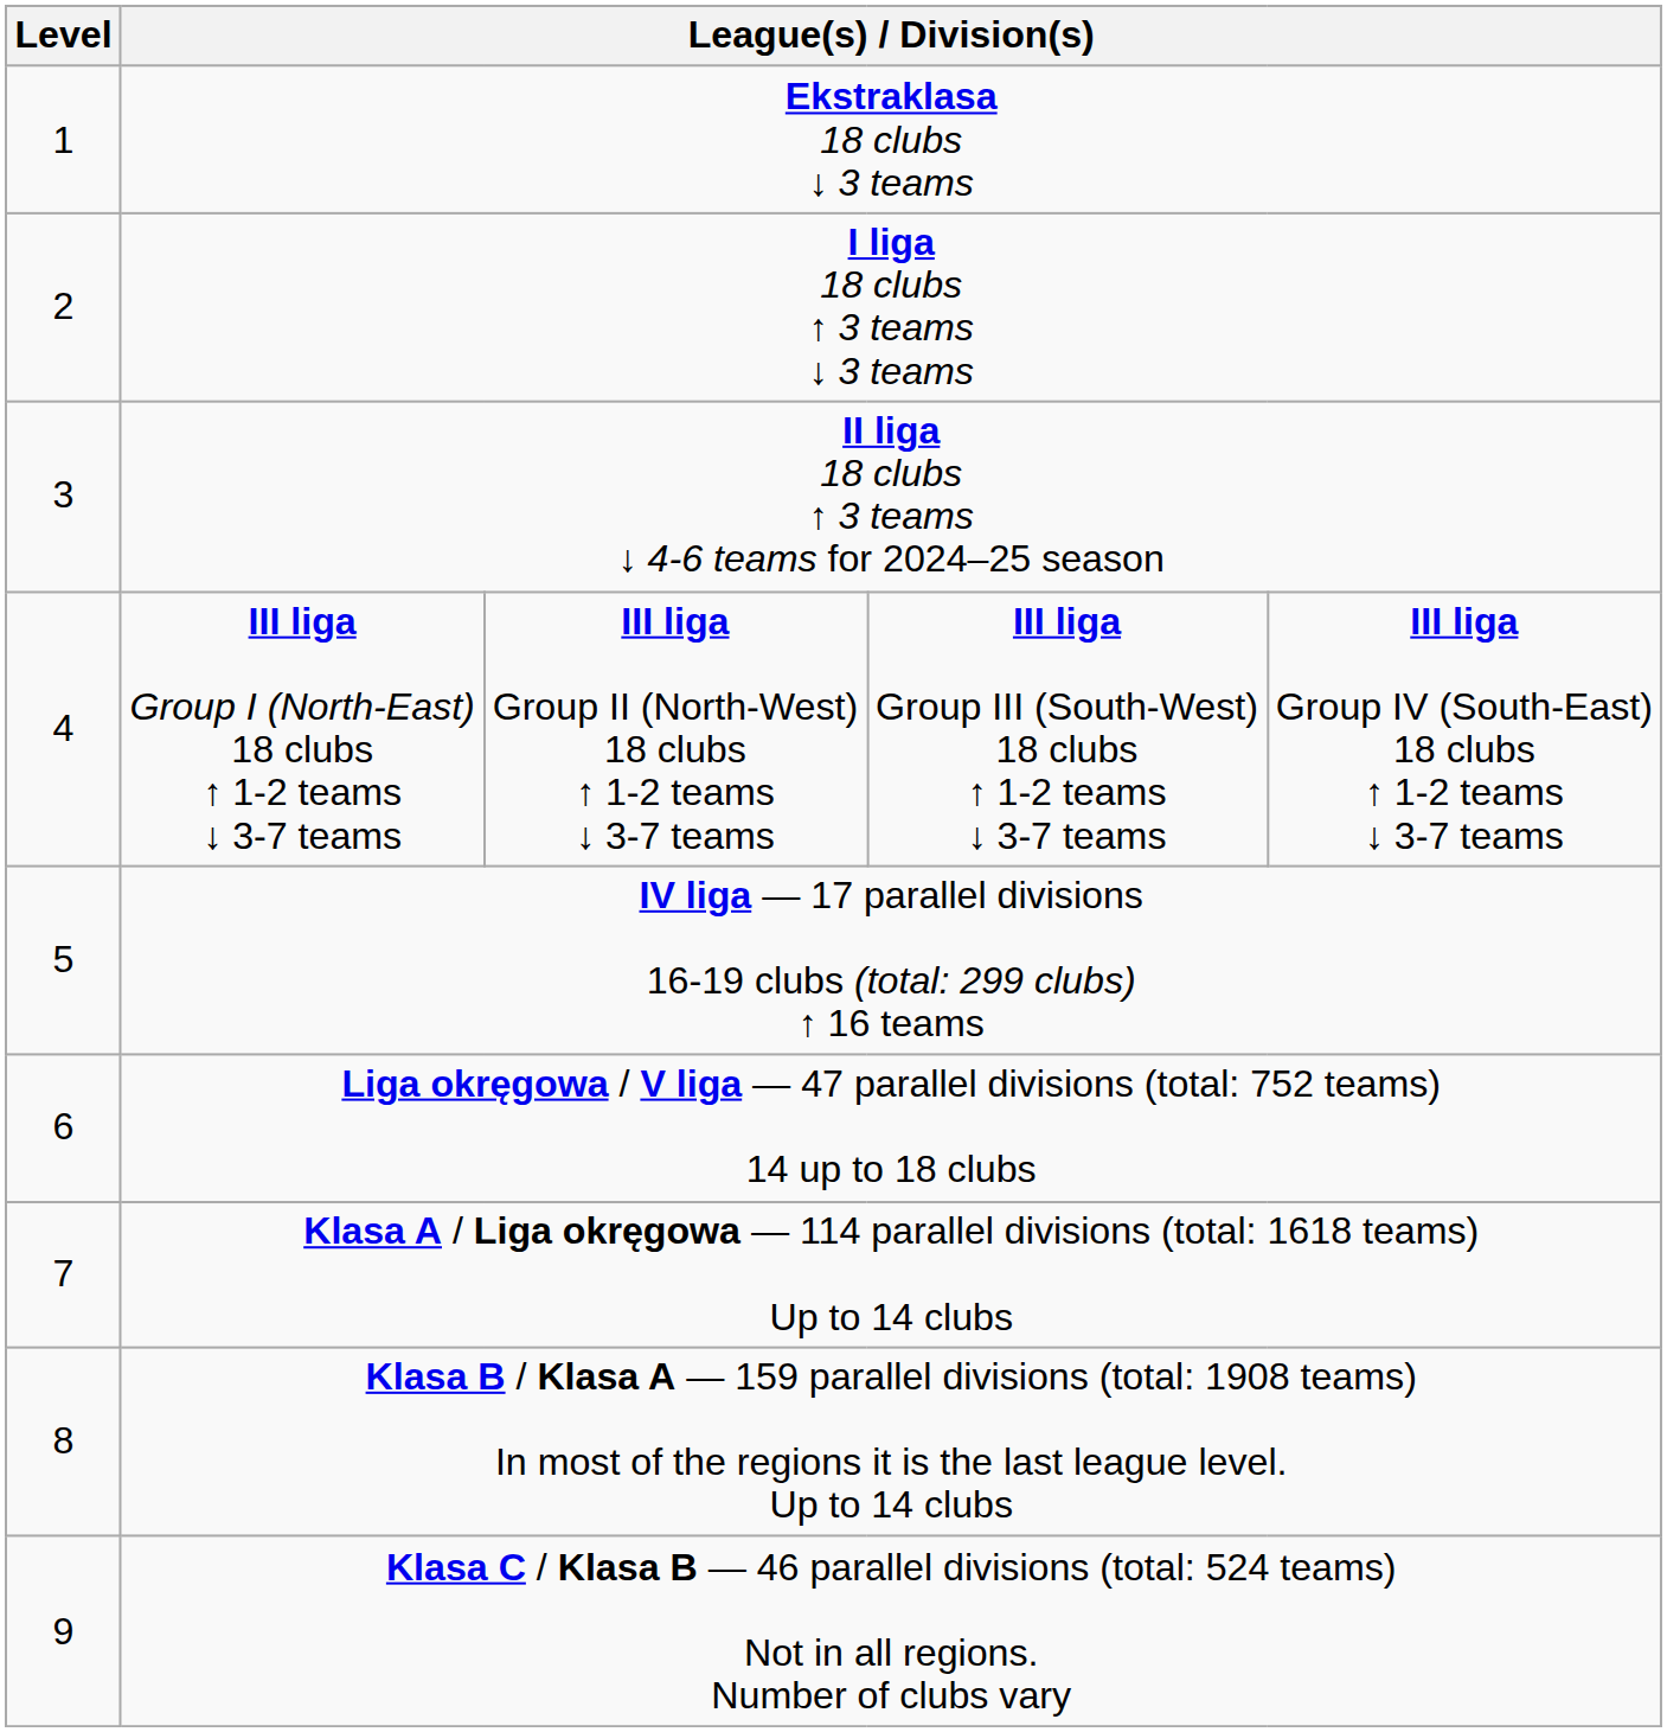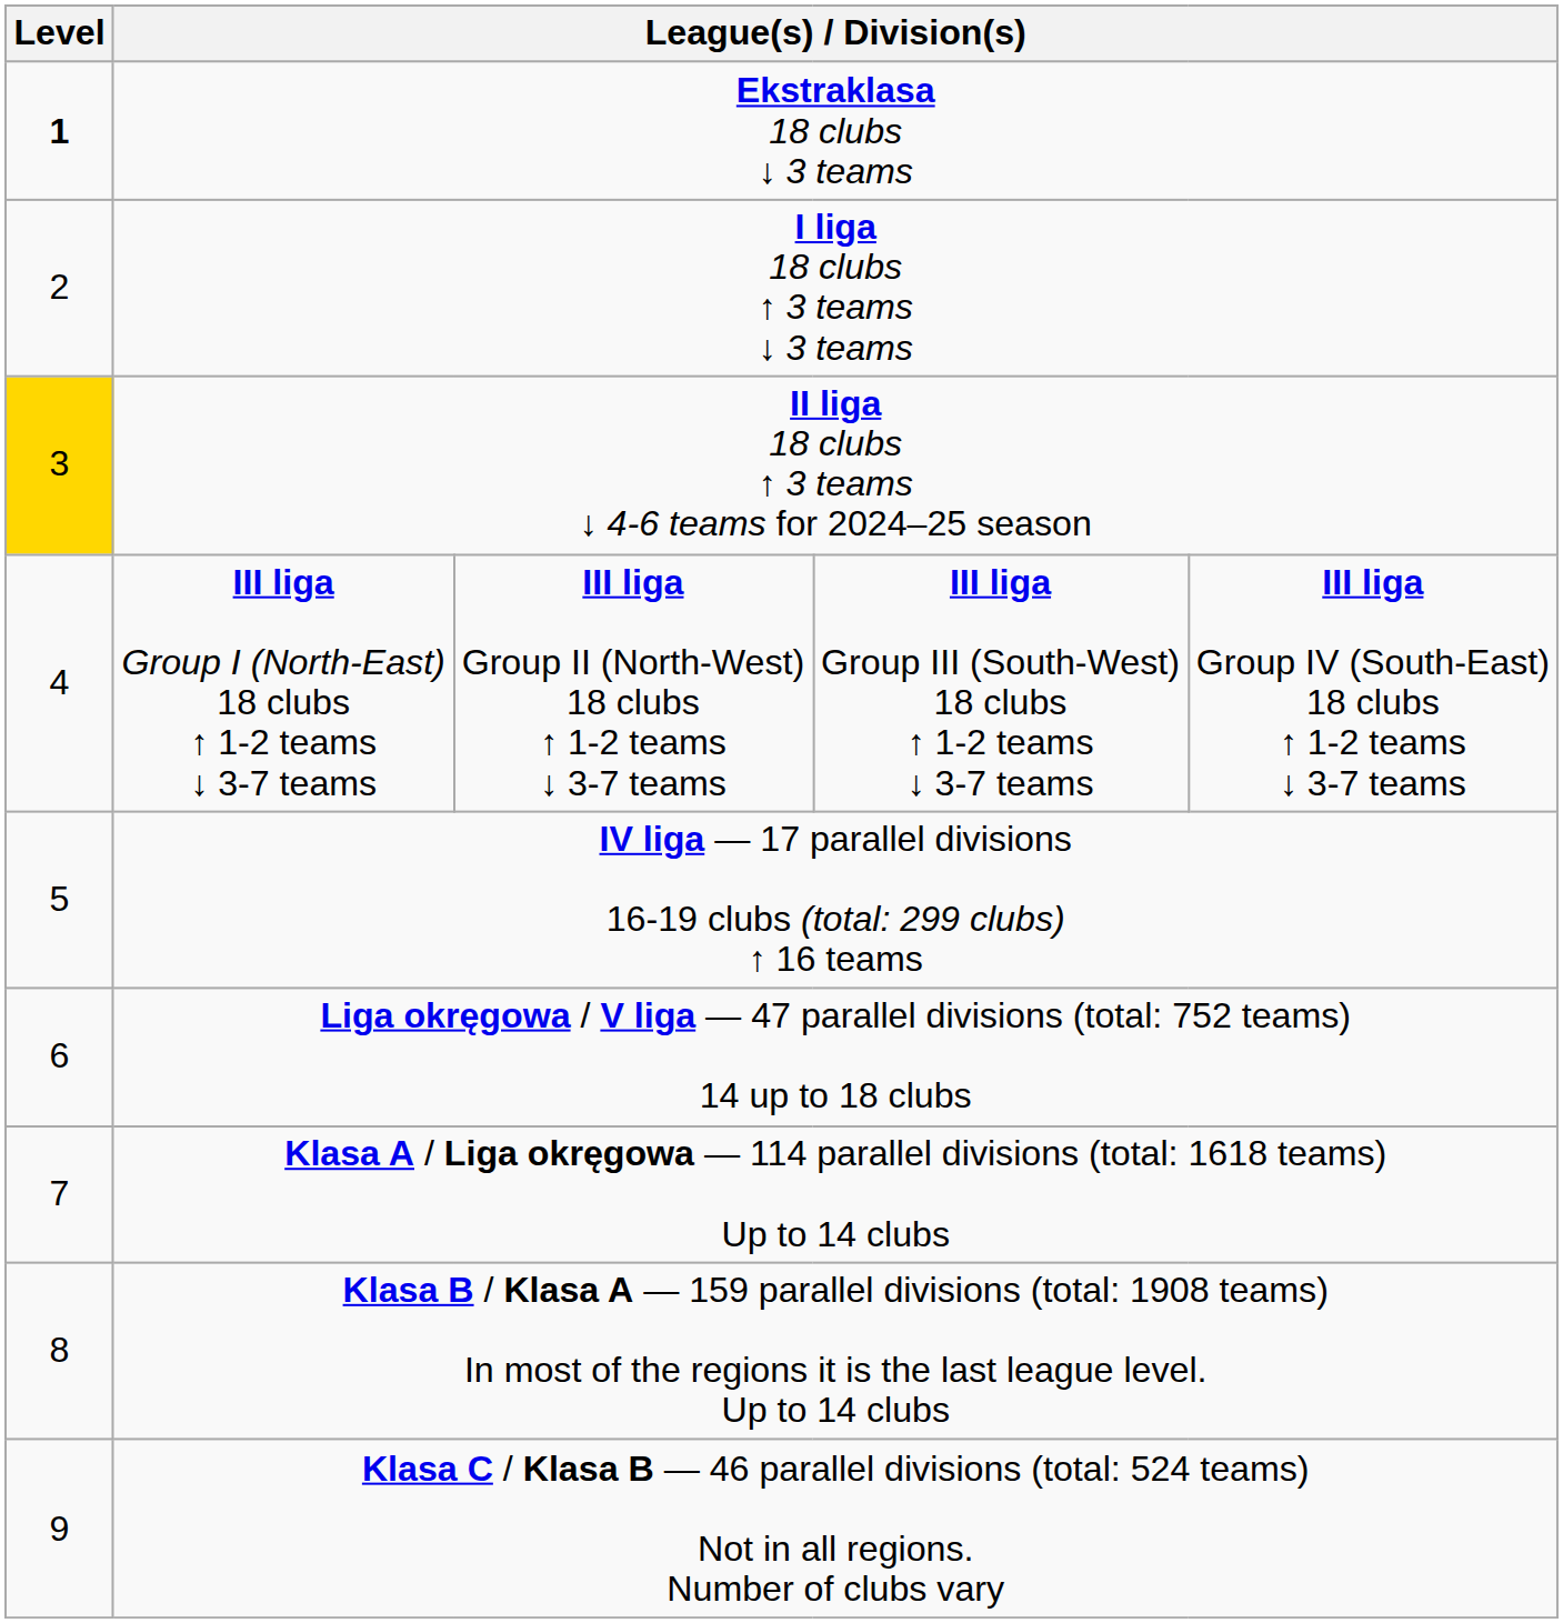 <table class="wikitable" style="text-align: center;">
 <tr>
 <th>Level</th>
 <th colspan="4">League(s) / Division(s)</th>
 </tr>
 <tr>
-<td>1</td>
+<td><strong>1</strong></td>
 <td colspan="4"><strong><a href='#'>Ekstraklasa</a></strong><br><em>18 clubs</em><br><em>↓ 3 teams</em></td>
 </tr>
 <tr>
 <td>2</td>
 <td colspan="4"><strong><a href='#'>I liga</a></strong><br><em>18 clubs</em><br><em>↑ 3 teams</em><br><em>↓ 3 teams</em></td>
 </tr>
 <tr>
-<td>3</td>
+<td style="background: gold;">3</td>
 <td colspan="4"><strong><a href='#'>II liga</a></strong><br><em>18 clubs</em><br><em>↑ 3 teams</em><br><em>↓ 4-6 teams</em> for 2024–25 season</td>
 </tr>
 <tr>
 <td>4</td>
 <td><strong><a href='#'>III liga</a></strong><br><br><em>Group I (North-East)<br> </em>18 clubs<em><br> </em>↑ 1-2 teams<em><br></em>↓ 3-7 teams<em></td>
 <td><strong><a href='#'>III liga</a></strong><br><br></em>Group II (North-West)<em><br> </em>18 clubs<em><br> </em>↑ 1-2 teams<em><br></em>↓ 3-7 teams<em></td>
 <td><strong><a href='#'>III liga</a></strong><br><br></em>Group III (South-West)<em><br> </em>18 clubs<em><br> </em>↑ 1-2 teams<em><br></em>↓ 3-7 teams<em></td>
 <td><strong><a href='#'>III liga</a></strong><br><br></em>Group IV (South-East)<em><br> </em>18 clubs<em><br> </em>↑ 1-2 teams<em><br></em>↓ 3-7 teams<em></td>
 </tr>
 <tr>
 <td>5</td>
 <td colspan="4"><strong><a href='#'>IV liga</a></strong> — 17 parallel divisions<br><br></em>16-19 clubs<em> (total: 299 clubs)<br></em>↑ 16 teams<em></td>
 </tr>
 <tr>
 <td>6</td>
 <td colspan="4"><strong><a href='#'>Liga okręgowa</a></strong> / <strong><a href='#'>V liga</a></strong> — 47 parallel divisions (total: 752 teams)<br><br></em>14 up to 18 clubs<em></td>
 </tr>
 <tr>
 <td>7</td>
 <td colspan="4"><strong><a href='#'>Klasa A</a></strong> / <strong>Liga okręgowa</strong> — 114 parallel divisions (total: 1618 teams)<br><br></em>Up to 14 clubs<em></td>
 </tr>
 <tr>
 <td>8</td>
 <td colspan="4"><strong><a href='#'>Klasa B</a></strong> / <strong>Klasa A</strong> — 159 parallel divisions (total: 1908 teams)<br><br></em>In most of the regions it is the last league level.<em><br> </em>Up to 14 clubs<em></td>
 </tr>
 <tr>
 <td>9</td>
 <td colspan="4"><strong><a href='#'>Klasa C</a></strong> / <strong>Klasa B</strong> — 46 parallel divisions (total: 524 teams)<br><br></em>Not in all regions.<em><br> </em>Number of clubs vary<em></td>
 </tr>
 </table>
